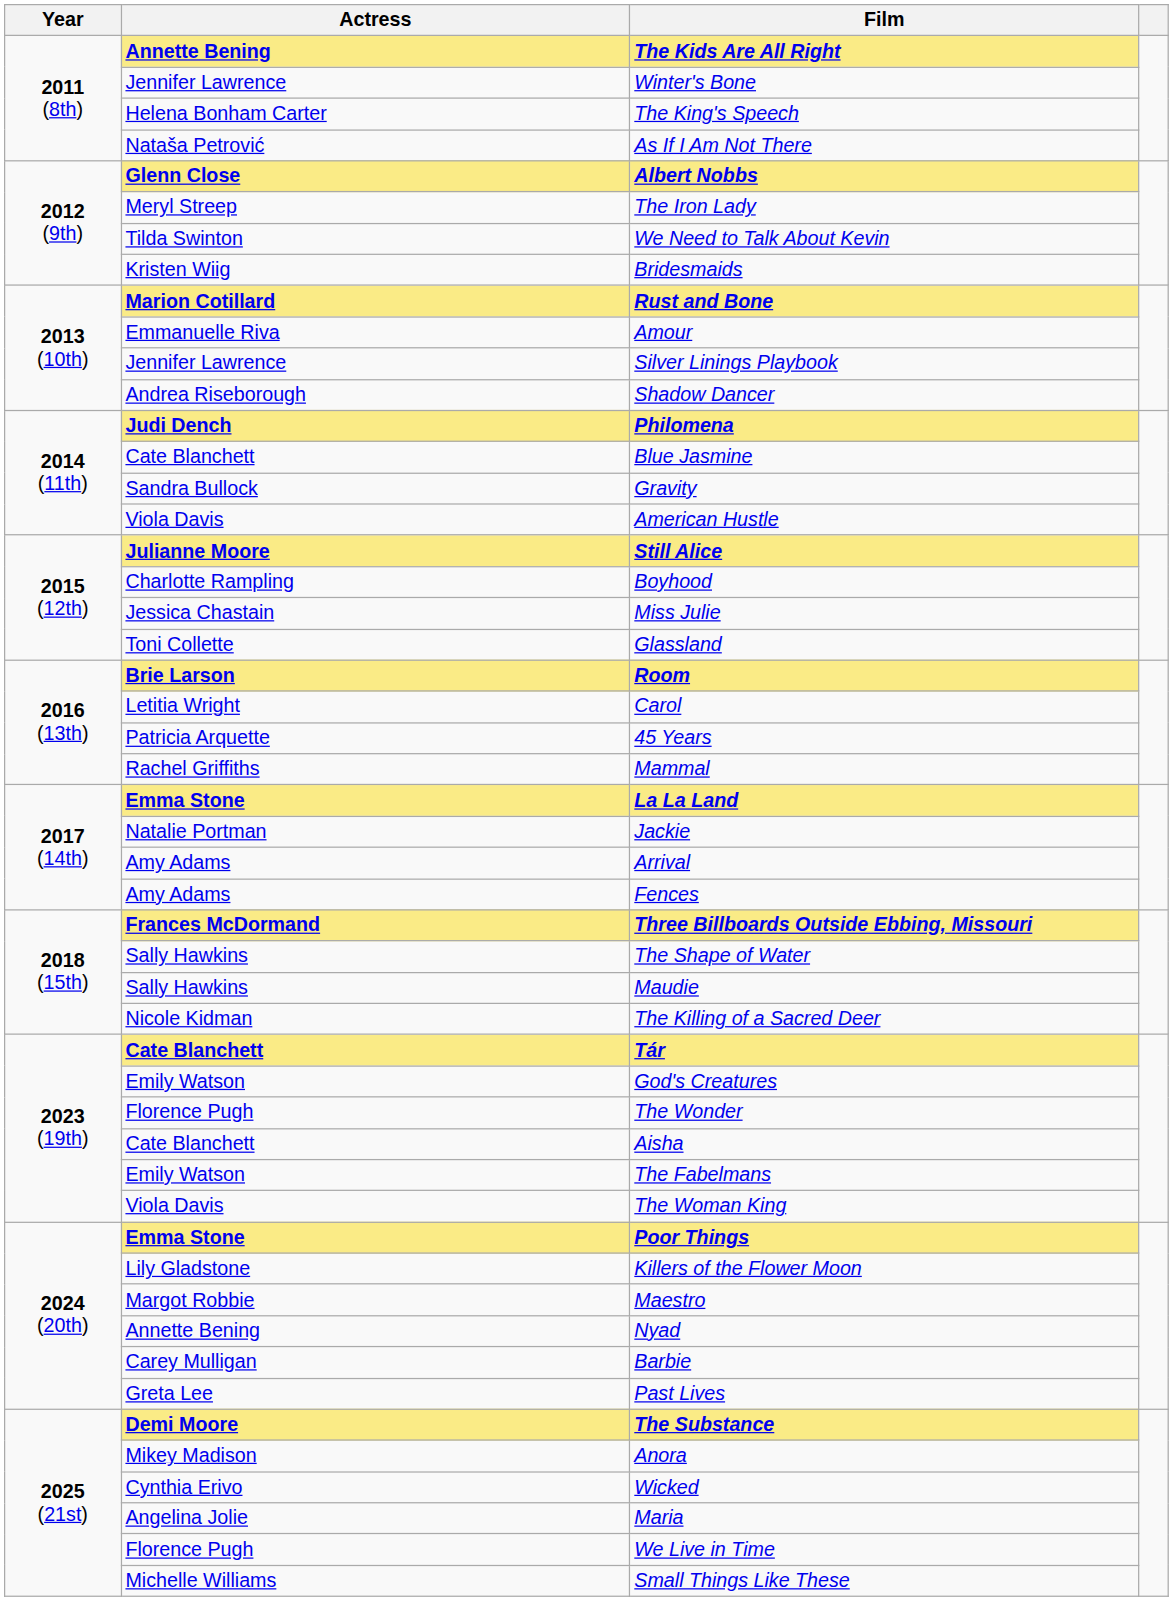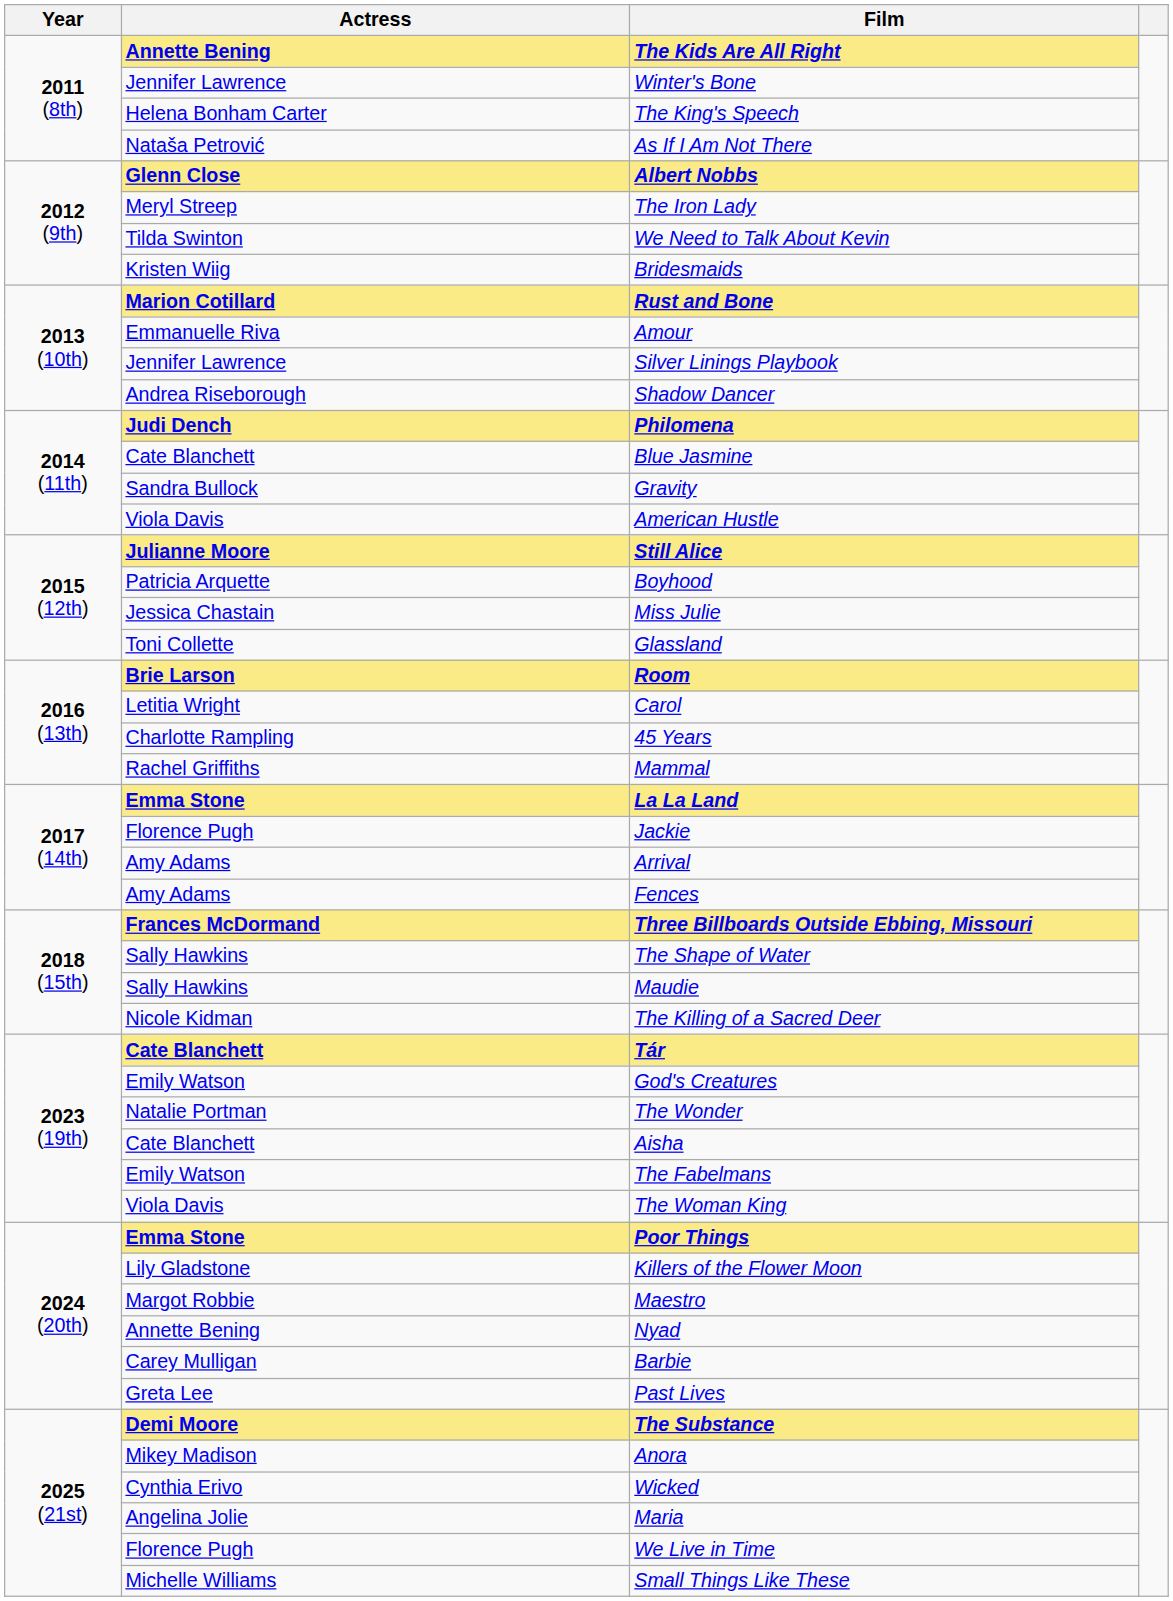 <table class="wikitable sortable">
 <tr>
 <th scope="col" style="width:8%;">Year</th>
 <th scope="col" style="width:35%;">Actress</th>
 <th scope="col" style="width:35%;">Film</th>
 <th scope="col" style="width:2%;" class="unsortable"></th>
 </tr>
 <tr>
 <td rowspan="4" scope="row" style="text-align:center"><strong>2011</strong><br>(<a href='#'>8th</a>)</td>
 <td style="background:#FAEB86;"><strong><a href='#'>Annette Bening</a></strong></td>
 <td style="background:#FAEB86;"><strong><em><a href='#'>The Kids Are All Right</a></em></strong></td>
 <td rowspan="4"></td>
 </tr>
 <tr>
 <td><a href='#'>Jennifer Lawrence</a></td>
 <td><em><a href='#'>Winter's Bone</a></em></td>
 </tr>
 <tr>
 <td><a href='#'>Helena Bonham Carter</a></td>
 <td><em><a href='#'>The King's Speech</a></em></td>
 </tr>
 <tr>
 <td><a href='#'>Nataša Petrović</a></td>
 <td><em><a href='#'>As If I Am Not There</a></em></td>
 </tr>
 <tr>
 <td rowspan="4" scope="row" style="text-align:center"><strong>2012</strong><br>(<a href='#'>9th</a>)</td>
 <td style="background:#FAEB86;"><strong><a href='#'>Glenn Close</a></strong></td>
 <td style="background:#FAEB86;"><strong><em><a href='#'>Albert Nobbs</a></em></strong></td>
 <td rowspan="4"><br></td>
 </tr>
 <tr>
 <td><a href='#'>Meryl Streep</a></td>
 <td><em><a href='#'>The Iron Lady</a></em></td>
 </tr>
 <tr>
 <td><a href='#'>Tilda Swinton</a></td>
 <td><em><a href='#'>We Need to Talk About Kevin</a></em></td>
 </tr>
 <tr>
 <td><a href='#'>Kristen Wiig</a></td>
 <td><em><a href='#'>Bridesmaids</a></em></td>
 </tr>
 <tr>
 <td rowspan="4" scope="row" style="text-align:center"><strong>2013</strong><br>(<a href='#'>10th</a>)</td>
 <td style="background:#FAEB86;"><strong><a href='#'>Marion Cotillard</a></strong></td>
 <td style="background:#FAEB86;"><strong><em><a href='#'>Rust and Bone</a></em></strong></td>
 <td rowspan="4"></td>
 </tr>
 <tr>
 <td><a href='#'>Emmanuelle Riva</a></td>
 <td><em><a href='#'>Amour</a></em></td>
 </tr>
 <tr>
 <td><a href='#'>Jennifer Lawrence</a></td>
 <td><em><a href='#'>Silver Linings Playbook</a></em></td>
 </tr>
 <tr>
 <td><a href='#'>Andrea Riseborough</a></td>
 <td><em><a href='#'>Shadow Dancer</a></em></td>
 </tr>
 <tr>
 <td rowspan="4" scope="row" style="text-align:center"><strong>2014</strong><br>(<a href='#'>11th</a>)</td>
 <td style="background:#FAEB86;"><strong><a href='#'>Judi Dench</a></strong></td>
 <td style="background:#FAEB86;"><strong><em><a href='#'>Philomena</a></em></strong></td>
 <td rowspan="4"><br></td>
 </tr>
 <tr>
 <td><a href='#'>Cate Blanchett</a></td>
 <td><em><a href='#'>Blue Jasmine</a></em></td>
 </tr>
 <tr>
 <td><a href='#'>Sandra Bullock</a></td>
 <td><em><a href='#'>Gravity</a></em></td>
 </tr>
 <tr>
 <td><a href='#'>Viola Davis</a></td>
 <td><em><a href='#'>American Hustle</a></em></td>
 </tr>
 <tr>
 <td rowspan="4" scope="row" style="text-align:center"><strong>2015</strong><br>(<a href='#'>12th</a>)</td>
 <td style="background:#FAEB86;"><strong><a href='#'>Julianne Moore</a></strong></td>
 <td style="background:#FAEB86;"><strong><em><a href='#'>Still Alice</a></em></strong></td>
 <td rowspan="4"><br></td>
 </tr>
 <tr>
-<td><a href='#'>Charlotte Rampling</a></td>
+<td><a href='#'>Patricia Arquette</a></td>
 <td><em><a href='#'>Boyhood</a></em></td>
 </tr>
 <tr>
 <td><a href='#'>Jessica Chastain</a></td>
 <td><em><a href='#'>Miss Julie</a></em></td>
 </tr>
 <tr>
 <td><a href='#'>Toni Collette</a></td>
 <td><em><a href='#'>Glassland</a></em></td>
 </tr>
 <tr>
 <td rowspan="4" scope="row" style="text-align:center"><strong>2016</strong><br>(<a href='#'>13th</a>)</td>
 <td style="background:#FAEB86;"><strong><a href='#'>Brie Larson</a></strong></td>
 <td style="background:#FAEB86;"><strong><em><a href='#'>Room</a></em></strong></td>
 <td rowspan="4"></td>
 </tr>
 <tr>
 <td><a href='#'>Letitia Wright</a></td>
 <td><em><a href='#'>Carol</a></em></td>
 </tr>
 <tr>
-<td><a href='#'>Patricia Arquette</a></td>
+<td><a href='#'>Charlotte Rampling</a></td>
 <td><em><a href='#'>45 Years</a></em></td>
 </tr>
 <tr>
 <td><a href='#'>Rachel Griffiths</a></td>
 <td><em><a href='#'>Mammal</a></em></td>
 </tr>
 <tr>
 <td rowspan="4" scope="row" style="text-align:center"><strong>2017</strong><br>(<a href='#'>14th</a>)</td>
 <td style="background:#FAEB86;"><strong><a href='#'>Emma Stone</a></strong></td>
 <td style="background:#FAEB86;"><strong><em><a href='#'>La La Land</a></em></strong></td>
 <td rowspan="4"><br></td>
 </tr>
 <tr>
-<td><a href='#'>Natalie Portman</a></td>
+<td><a href='#'>Florence Pugh</a></td>
 <td><em><a href='#'>Jackie</a></em></td>
 </tr>
 <tr>
 <td><a href='#'>Amy Adams</a></td>
 <td><em><a href='#'>Arrival</a></em></td>
 </tr>
 <tr>
 <td><a href='#'>Amy Adams</a></td>
 <td><em><a href='#'>Fences</a></em></td>
 </tr>
 <tr>
 <td rowspan="4" scope="row" style="text-align:center"><strong>2018</strong><br>(<a href='#'>15th</a>)</td>
 <td style="background:#FAEB86;"><strong><a href='#'>Frances McDormand</a></strong></td>
 <td style="background:#FAEB86;"><strong><em><a href='#'>Three Billboards Outside Ebbing, Missouri</a></em></strong></td>
 <td rowspan="4"><br></td>
 </tr>
 <tr>
 <td><a href='#'>Sally Hawkins</a></td>
 <td><em><a href='#'>The Shape of Water</a></em></td>
 </tr>
 <tr>
 <td><a href='#'>Sally Hawkins</a></td>
 <td><em><a href='#'>Maudie</a></em></td>
 </tr>
 <tr>
 <td><a href='#'>Nicole Kidman</a></td>
 <td><em><a href='#'>The Killing of a Sacred Deer</a></em></td>
 </tr>
 <tr>
 <td scope="row" rowspan="6" style="text-align:center"><strong>2023</strong><br>(<a href='#'>19th</a>)</td>
 <td style="background:#FAEB86;"><strong><a href='#'>Cate Blanchett</a></strong></td>
 <td style="background:#FAEB86;"><strong><em><a href='#'>Tár</a></em></strong></td>
 <td rowspan="6"></td>
 </tr>
 <tr>
 <td><a href='#'>Emily Watson</a></td>
 <td><em><a href='#'>God's Creatures</a></em></td>
 </tr>
 <tr>
-<td><a href='#'>Florence Pugh</a></td>
+<td><a href='#'>Natalie Portman</a></td>
 <td><em><a href='#'>The Wonder</a></em></td>
 </tr>
 <tr>
 <td><a href='#'>Cate Blanchett</a></td>
 <td><em><a href='#'>Aisha</a></em></td>
 </tr>
 <tr>
 <td><a href='#'>Emily Watson</a></td>
 <td><em><a href='#'>The Fabelmans</a></em></td>
 </tr>
 <tr>
 <td><a href='#'>Viola Davis</a></td>
 <td><em><a href='#'>The Woman King</a></em></td>
 </tr>
 <tr>
 <td scope="row" rowspan="6" style="text-align:center"><strong>2024</strong><br>(<a href='#'>20th</a>)</td>
 <td style="background:#FAEB86;"><strong><a href='#'>Emma Stone</a></strong></td>
 <td style="background:#FAEB86;"><strong><em><a href='#'>Poor Things</a></em></strong></td>
 <td rowspan="6"></td>
 </tr>
 <tr>
 <td><a href='#'>Lily Gladstone</a></td>
 <td><em><a href='#'>Killers of the Flower Moon</a></em></td>
 </tr>
 <tr>
 <td><a href='#'>Margot Robbie</a></td>
 <td><em><a href='#'>Maestro</a></em></td>
 </tr>
 <tr>
 <td><a href='#'>Annette Bening</a></td>
 <td><em><a href='#'>Nyad</a></em></td>
 </tr>
 <tr>
 <td><a href='#'>Carey Mulligan</a></td>
 <td><em><a href='#'>Barbie</a></em></td>
 </tr>
 <tr>
 <td><a href='#'>Greta Lee</a></td>
 <td><em><a href='#'>Past Lives</a></em></td>
 </tr>
 <tr>
 <td scope="row" rowspan="6" style="text-align:center"><strong>2025</strong><br>(<a href='#'>21st</a>)</td>
 <td style="background:#FAEB86;"><strong><a href='#'>Demi Moore</a></strong></td>
 <td style="background:#FAEB86;"><strong><em><a href='#'>The Substance</a></em></strong></td>
 <td rowspan="6"></td>
 </tr>
 <tr>
 <td><a href='#'>Mikey Madison</a></td>
 <td><em><a href='#'>Anora</a></em></td>
 </tr>
 <tr>
 <td><a href='#'>Cynthia Erivo</a></td>
 <td><em><a href='#'>Wicked</a></em></td>
 </tr>
 <tr>
 <td><a href='#'>Angelina Jolie</a></td>
 <td><em><a href='#'>Maria</a></em></td>
 </tr>
 <tr>
 <td><a href='#'>Florence Pugh</a></td>
 <td><em><a href='#'>We Live in Time</a></em></td>
 </tr>
 <tr>
 <td><a href='#'>Michelle Williams</a></td>
 <td><em><a href='#'>Small Things Like These</a></em></td>
 </tr>
 </table>
